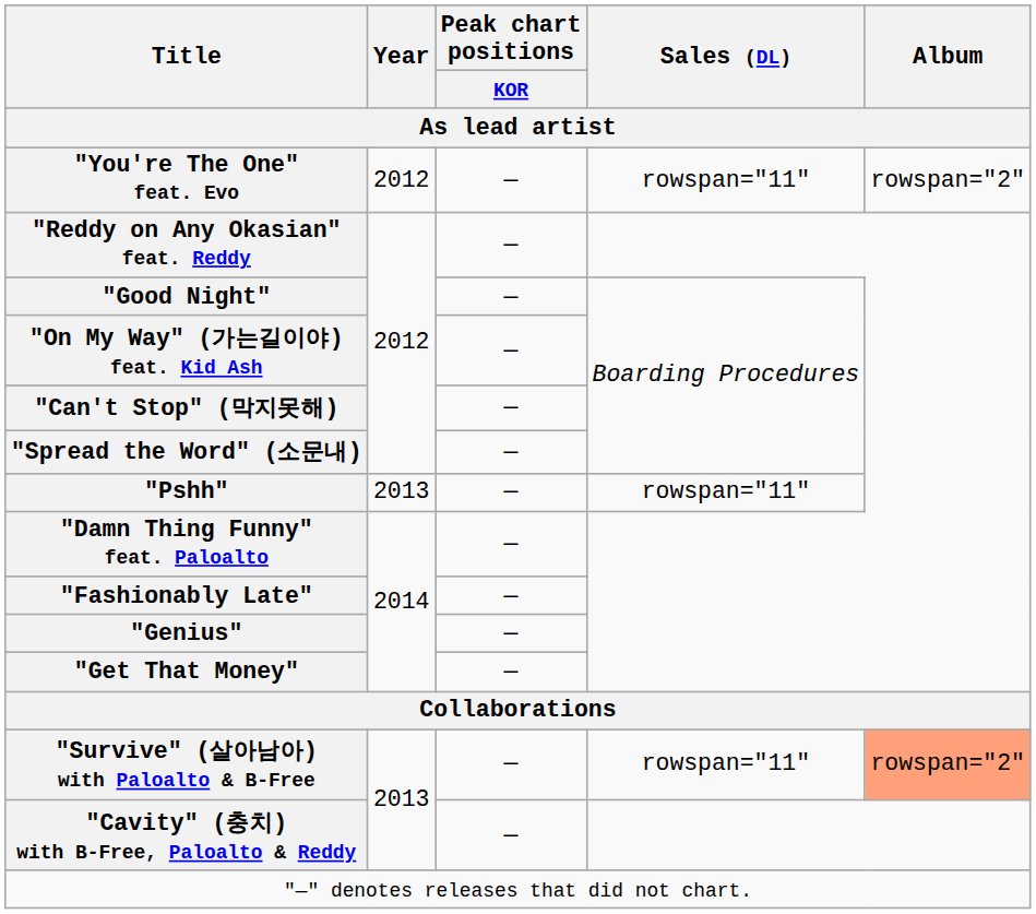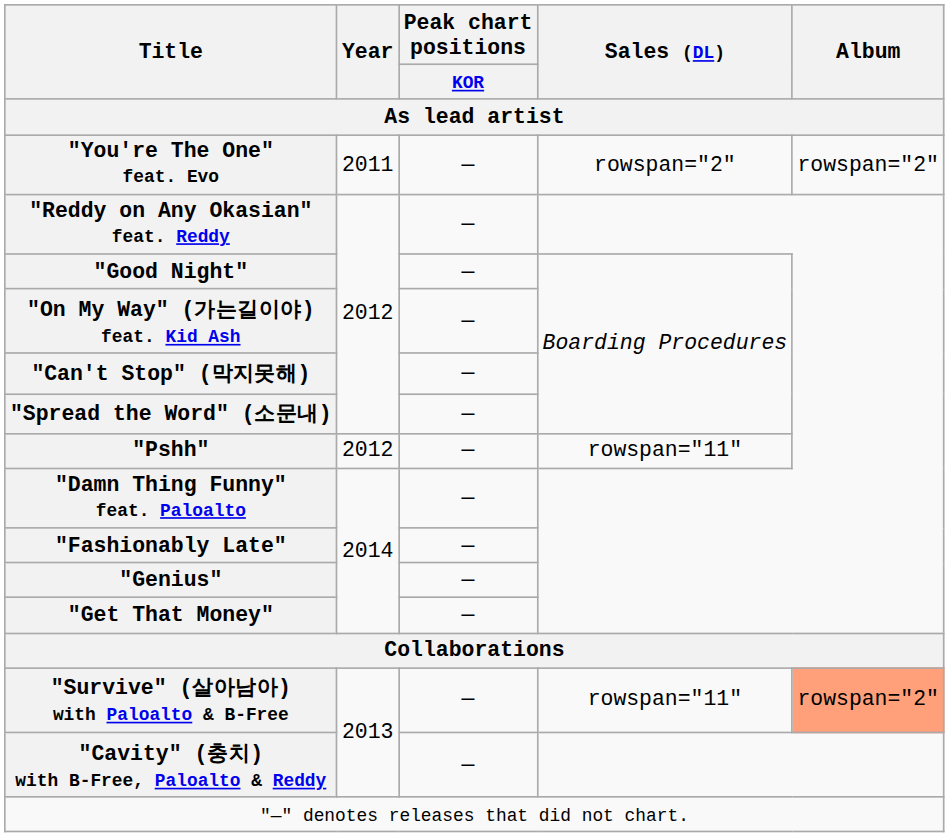 <table class="wikitable plainrowheaders" style="text-align:center;">
 <tr>
 <th scope="col" rowspan="2">Title</th>
 <th scope="col" rowspan="2">Year</th>
 <th scope="col" colspan="1">Peak chart <br> positions</th>
 <th scope="col" rowspan="2">Sales <small>(<a href='#'>DL</a>)</small></th>
 <th scope="col" rowspan="2">Album</th>
 </tr>
 <tr>
 <th><small><a href='#'>KOR</a></small><br></th>
 </tr>
 <tr>
 <th scope="col" colspan="5">As lead artist</th>
 </tr>
 <tr>
 <th scope="row">"You're The One" <br><small>feat. Evo</small></th>
-<td>2012</td>
+<td>2011</td>
 <td>—</td>
-<td>rowspan="11" </td>
+<td>rowspan="2" </td>
 <td>rowspan="2" </td>
 </tr>
 <tr>
 <th scope="row">"Reddy on Any Okasian" <br><small>feat. <a href='#'>Reddy</a></small></th>
 <td rowspan="5">2012</td>
 <td>—</td>
 </tr>
 <tr>
 <th scope="row">"Good Night"</th>
 <td>—</td>
 <td rowspan="4"><em>Boarding Procedures</em></td>
 </tr>
 <tr>
 <th scope="row">"On My Way" (가는길이야) <br><small>feat. <a href='#'>Kid Ash</a></small></th>
 <td>—</td>
 </tr>
 <tr>
 <th scope="row">"Can't Stop" (막지못해)</th>
 <td>—</td>
 </tr>
 <tr>
 <th scope="row">"Spread the Word" (소문내)</th>
 <td>—</td>
 </tr>
 <tr>
 <th scope="row">"Pshh"</th>
-<td>2013</td>
+<td>2012</td>
 <td>—</td>
 <td>rowspan="11" </td>
 </tr>
 <tr>
 <th scope="row">"Damn Thing Funny" <br><small>feat. <a href='#'>Paloalto</a></small></th>
 <td rowspan="4">2014</td>
 <td>—</td>
 </tr>
 <tr>
 <th scope="row">"Fashionably Late"</th>
 <td>—</td>
 </tr>
 <tr>
 <th scope="row">"Genius"</th>
 <td>—</td>
 </tr>
 <tr>
 <th scope="row">"Get That Money"</th>
 <td>—</td>
 </tr>
 <tr>
 <th scope="col" colspan="5">Collaborations</th>
 </tr>
 <tr>
 <th scope="row">"Survive" (살아남아) <br><small>with <a href='#'>Paloalto</a> & B-Free</small></th>
 <td rowspan="2">2013</td>
 <td>—</td>
 <td>rowspan="11" </td>
 <td style="background: lightsalmon;">rowspan="2" </td>
 </tr>
 <tr>
 <th scope="row">"Cavity" (충치) <br><small>with B-Free, <a href='#'>Paloalto</a> & <a href='#'>Reddy</a></small></th>
 <td>—</td>
 </tr>
 <tr>
 <td colspan="5" align="center"><small>"—" denotes releases that did not chart.</small></td>
 </tr>
 </table>
